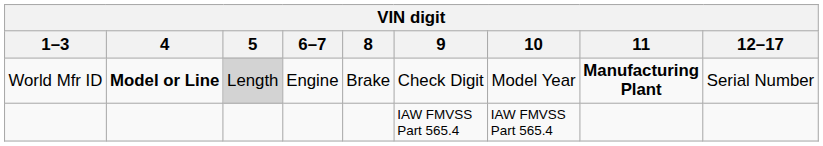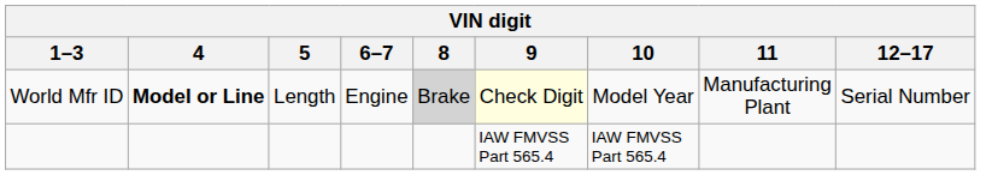 <table class="wikitable" style="text-align:center;">
 <tr>
 <th colspan=17>VIN digit</th>
 </tr>
 <tr style=>
 <th colspan=3>1–3</th>
 <th>4</th>
 <th>5</th>
 <th colspan=2>6–7</th>
 <th>8</th>
 <th>9</th>
 <th>10</th>
 <th>11</th>
 <th colspan=6>12–17</th>
 </tr>
 <tr>
 <td colspan=3>World Mfr ID</td>
 <td colspan=1><strong>Model or Line</strong></td>
-<td colspan=1 style="background: lightgrey;">Length</td>
+<td colspan=1>Length</td>
 <td colspan=2>Engine</td>
-<td colspan=1>Brake</td>
-<td colspan=1>Check Digit</td>
+<td colspan=1 style="background: lightgrey;">Brake</td>
+<td colspan=1 style="background: lightyellow;">Check Digit</td>
 <td colspan=1>Model Year</td>
-<td colspan=1><strong>Manufacturing<br>Plant</strong></td>
+<td colspan=1>Manufacturing<br>Plant</td>
 <td colspan=6>Serial Number<br></td>
 </tr>
 <tr style="text-align:left;font-size:80%;">
 <td colspan=3></td>
 <td colspan=1></td>
 <td colspan=1></td>
 <td colspan=2></td>
 <td colspan=1></td>
 <td colspan=1>IAW FMVSS<br>Part 565.4</td>
 <td colspan=1>IAW FMVSS<br>Part 565.4</td>
 <td colspan=1></td>
 <td colspan=6></td>
 </tr>
 </table>
